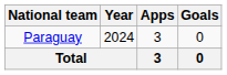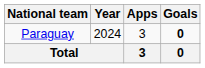 <table class="wikitable" style="text-align:center">
 <tr>
 <th>National team</th>
 <th>Year</th>
 <th>Apps</th>
 <th>Goals</th>
 </tr>
 <tr>
 <td rowspan=1><a href='#'>Paraguay</a></td>
 <td>2024</td>
 <td>3</td>
-<td>0</td>
+<td><strong>0</strong></td>
 </tr>
 <tr>
 <th colspan="2">Total</th>
 <th>3</th>
 <th>0</th>
 </tr>
 </table>
